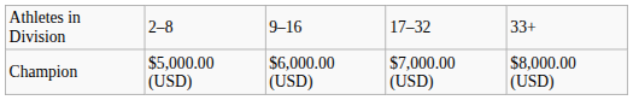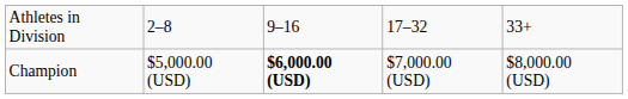 <table class="wikitable">
 <tr>
 <td>Athletes in Division</td>
 <td>2–8</td>
 <td>9–16</td>
 <td>17–32</td>
 <td>33+</td>
 </tr>
 <tr>
 <td>Champion</td>
 <td>$5,000.00 (USD)</td>
-<td>$6,000.00 (USD)</td>
+<td><strong>$6,000.00 (USD)</strong></td>
 <td>$7,000.00 (USD)</td>
 <td>$8,000.00 (USD)</td>
 </tr>
 </table>
